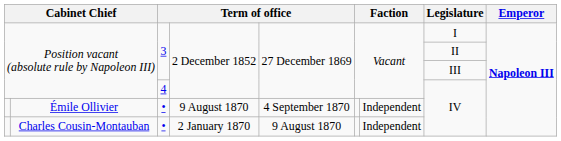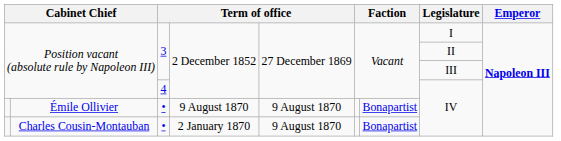 <table class="wikitable" style="text-align:center">
 <tr>
 <th colspan=2>Cabinet Chief<br></th>
 <th colspan=3>Term of office</th>
 <th colspan=2>Faction</th>
 <th>Legislature<br></th>
 <th><a href='#'>Emperor</a><br></th>
 </tr>
 <tr>
 <td colspan=2 rowspan=4><em>Position vacant<br>(absolute rule by Napoleon III)</em></td>
 <td rowspan=3><a href='#'>3</a></td>
 <td rowspan=4>2 December 1852</td>
 <td rowspan=4>27 December 1869</td>
 <td rowspan=4 colspan=2><em>Vacant</em></td>
 <td>I<br></td>
 <td rowspan=6><strong><a href='#'>Napoleon III</a></strong><br><br></td>
 </tr>
 <tr>
 <td>II<br></td>
 </tr>
 <tr>
 <td>III<br></td>
 </tr>
 <tr>
 <td><a href='#'>4</a></td>
 <td rowspan=3>IV<br></td>
 </tr>
 <tr>
 <td></td>
 <td><a href='#'>Émile Ollivier</a><br></td>
 <td><a href='#'>•</a></td>
 <td>9 August 1870</td>
-<td>4 September 1870</td>
+<td>9 August 1870</td>
 <td style="background:"></td>
-<td>Independent</td>
+<td><a href='#'>Bonapartist</a></td>
 </tr>
 <tr>
 <td></td>
 <td><a href='#'>Charles Cousin-Montauban</a><br></td>
 <td><a href='#'>•</a></td>
 <td>2 January 1870</td>
 <td>9 August 1870</td>
 <td style="background:"></td>
-<td>Independent</td>
+<td><a href='#'>Bonapartist</a></td>
 </tr>
 </table>
